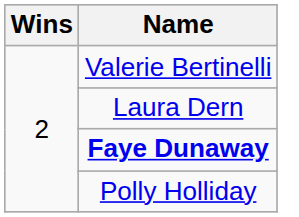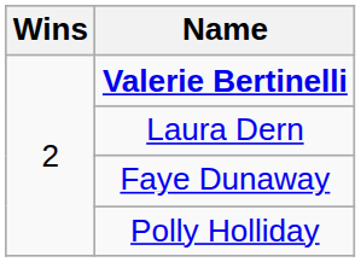 <table class="wikitable sortable" style="text-align: center;">
 <tr>
 <th scope="col">Wins</th>
 <th scope="col" align="center">Name</th>
 </tr>
 <tr>
 <td rowspan="4">2</td>
-<td><a href='#'>Valerie Bertinelli</a></td>
+<td><strong><a href='#'>Valerie Bertinelli</a></strong></td>
 </tr>
 <tr>
 <td><a href='#'>Laura Dern</a></td>
 </tr>
 <tr>
-<td><strong><a href='#'>Faye Dunaway</a></strong></td>
+<td><a href='#'>Faye Dunaway</a></td>
 </tr>
 <tr>
 <td><a href='#'>Polly Holliday</a></td>
 </tr>
 </table>
